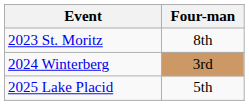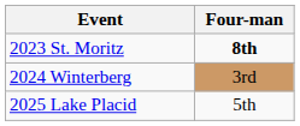 <table class="wikitable" style="text-align:center">
 <tr>
 <th style="width:160px">Event</th>
 <th style="width:80px">Four-man</th>
 </tr>
 <tr>
 <td style="text-align:left"> <a href='#'>2023 St. Moritz</a></td>
-<td>8th</td>
+<td><strong>8th</strong></td>
 </tr>
 <tr>
 <td style="text-align:left"> <a href='#'>2024 Winterberg</a></td>
 <td style="background:#CC9966">3rd</td>
 </tr>
 <tr>
 <td style="text-align:left"> <a href='#'>2025 Lake Placid</a></td>
 <td>5th</td>
 </tr>
 </table>
